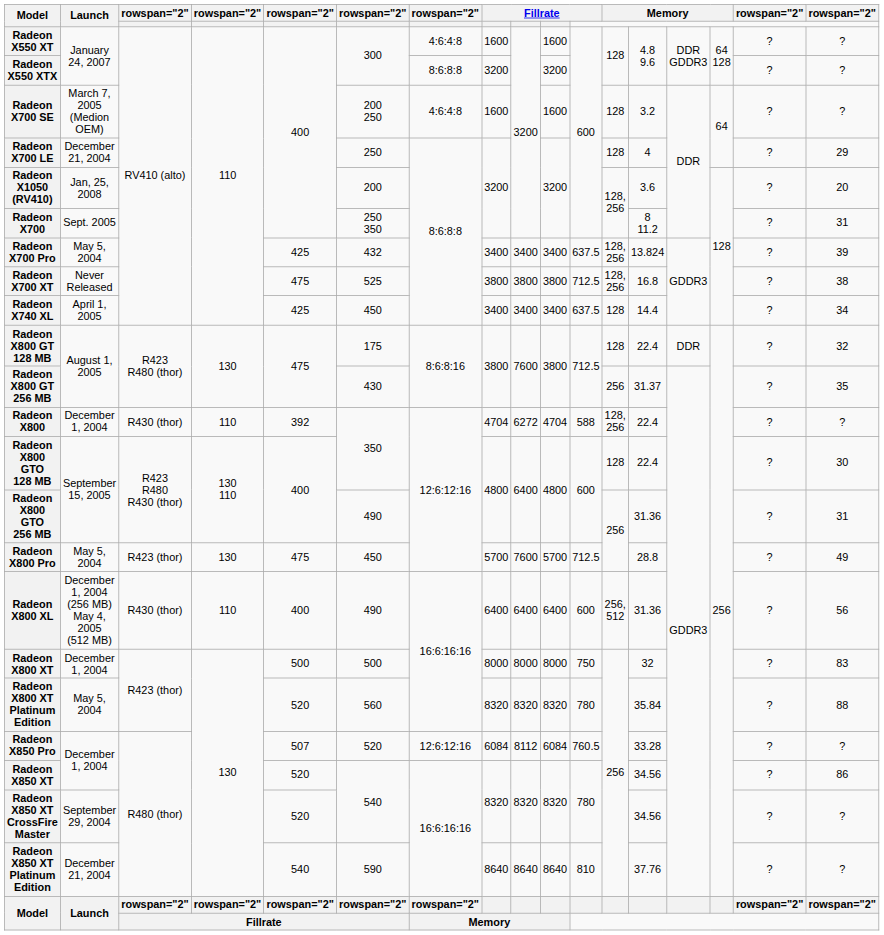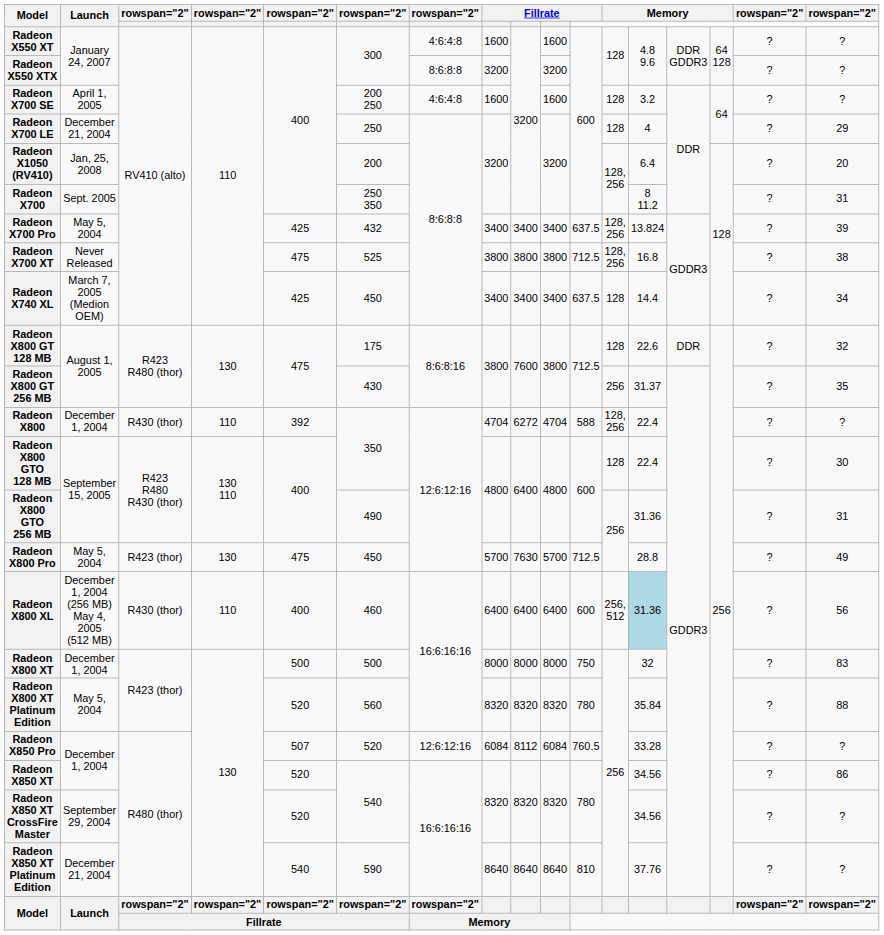 <table class="mw-datatable wikitable sortable" style="font-size:85%; text-align:center;">
 <tr>
 <th rowspan="2">Model</th>
 <th rowspan="2">Launch</th>
 <th>rowspan="2" </th>
 <th>rowspan="2" </th>
 <th>rowspan="2" </th>
 <th>rowspan="2" </th>
 <th>rowspan="2" </th>
 <th colspan="4"><a href='#'>Fillrate</a></th>
 <th colspan="4">Memory</th>
 <th>rowspan="2" </th>
 <th>rowspan="2" </th>
 </tr>
 <tr>
 <th></th>
 <th></th>
 <th></th>
 <th></th>
 <th></th>
 <th></th>
 <th></th>
 <th></th>
 </tr>
 <tr>
 <th>Radeon X550 XT</th>
 <td rowspan="2">January 24, 2007</td>
 <td rowspan="9">RV410 (alto)</td>
 <td rowspan="9">110</td>
 <td rowspan="6">400</td>
 <td rowspan="2">300</td>
 <td>4:6:4:8</td>
 <td>1600</td>
 <td rowspan="6">3200</td>
 <td>1600</td>
 <td rowspan="6">600</td>
 <td rowspan="2">128</td>
 <td rowspan="2">4.8<br>9.6</td>
 <td rowspan="2">DDR<br>GDDR3</td>
 <td rowspan="2">64<br>128</td>
 <td>?</td>
 <td>?</td>
 </tr>
 <tr>
 <th>Radeon X550 XTX</th>
 <td>8:6:8:8</td>
 <td>3200</td>
 <td>3200</td>
 <td>?</td>
 <td>?</td>
 </tr>
 <tr>
 <th>Radeon X700 SE</th>
-<td>March 7, 2005 (Medion OEM)</td>
+<td>April 1, 2005</td>
 <td>200<br>250</td>
 <td>4:6:4:8</td>
 <td>1600</td>
 <td>1600</td>
 <td>128</td>
 <td>3.2</td>
 <td rowspan="4">DDR</td>
 <td rowspan="2">64</td>
 <td>?</td>
 <td>?</td>
 </tr>
 <tr>
 <th>Radeon X700 LE</th>
 <td>December 21, 2004</td>
 <td>250</td>
 <td rowspan="6">8:6:8:8</td>
 <td rowspan="3">3200</td>
 <td rowspan="3">3200</td>
 <td>128</td>
 <td>4</td>
 <td>?</td>
 <td>29</td>
 </tr>
 <tr>
 <th>Radeon X1050 (RV410)</th>
 <td>Jan, 25, 2008</td>
 <td>200</td>
 <td rowspan="2">128, 256</td>
-<td>3.6</td>
+<td>6.4</td>
 <td rowspan="5">128</td>
 <td>?</td>
 <td>20</td>
 </tr>
 <tr>
 <th>Radeon X700</th>
 <td>Sept. 2005</td>
 <td>250<br>350</td>
 <td>8<br>11.2</td>
 <td>?</td>
 <td>31</td>
 </tr>
 <tr>
 <th>Radeon X700 Pro</th>
 <td>May 5, 2004</td>
 <td>425</td>
 <td>432</td>
 <td>3400</td>
 <td>3400</td>
 <td>3400</td>
 <td>637.5</td>
 <td>128, 256</td>
 <td>13.824</td>
 <td rowspan="3">GDDR3</td>
 <td>?</td>
 <td>39</td>
 </tr>
 <tr>
 <th>Radeon X700 XT</th>
 <td>Never Released</td>
 <td>475</td>
 <td>525</td>
 <td>3800</td>
 <td>3800</td>
 <td>3800</td>
 <td>712.5</td>
 <td>128, 256</td>
 <td>16.8</td>
 <td>?</td>
 <td>38</td>
 </tr>
 <tr>
 <th>Radeon X740 XL</th>
-<td>April 1, 2005</td>
+<td>March 7, 2005 (Medion OEM)</td>
 <td>425</td>
 <td>450</td>
 <td>3400</td>
 <td>3400</td>
 <td>3400</td>
 <td>637.5</td>
 <td>128</td>
 <td>14.4</td>
 <td>?</td>
 <td>34</td>
 </tr>
 <tr>
 <th>Radeon X800 GT 128 MB</th>
 <td rowspan="2">August 1, 2005</td>
 <td rowspan="2">R423<br>R480 (thor)</td>
 <td rowspan="2">130</td>
 <td rowspan="2">475</td>
 <td>175</td>
 <td rowspan="2">8:6:8:16</td>
 <td rowspan="2">3800</td>
 <td rowspan="2">7600</td>
 <td rowspan="2">3800</td>
 <td rowspan="2">712.5</td>
 <td>128</td>
-<td>22.4</td>
+<td>22.6</td>
 <td>DDR</td>
 <td rowspan="13">256</td>
 <td>?</td>
 <td>32</td>
 </tr>
 <tr>
 <th>Radeon X800 GT 256 MB</th>
 <td>430</td>
 <td>256</td>
 <td>31.37</td>
 <td rowspan="12">GDDR3</td>
 <td>?</td>
 <td>35</td>
 </tr>
 <tr>
 <th>Radeon X800</th>
 <td>December 1, 2004</td>
 <td>R430 (thor)</td>
 <td>110</td>
 <td>392</td>
 <td rowspan="2">350</td>
 <td rowspan="4">12:6:12:16</td>
 <td>4704</td>
 <td>6272</td>
 <td>4704</td>
 <td>588</td>
 <td>128, 256</td>
 <td>22.4</td>
 <td>?</td>
 <td>?</td>
 </tr>
 <tr>
 <th>Radeon X800 GTO 128 MB</th>
 <td rowspan="2">September 15, 2005</td>
 <td rowspan="2">R423<br>R480<br>R430 (thor)</td>
 <td rowspan="2">130<br>110</td>
 <td rowspan="2">400</td>
 <td rowspan="2">4800</td>
 <td rowspan="2">6400</td>
 <td rowspan="2">4800</td>
 <td rowspan="2">600</td>
 <td>128</td>
 <td>22.4</td>
 <td>?</td>
 <td>30</td>
 </tr>
 <tr>
 <th>Radeon X800 GTO 256 MB</th>
 <td>490</td>
 <td rowspan="2">256</td>
 <td>31.36</td>
 <td>?</td>
 <td>31</td>
 </tr>
 <tr>
 <th>Radeon X800 Pro</th>
 <td>May 5, 2004</td>
 <td>R423 (thor)</td>
 <td>130</td>
 <td>475</td>
 <td>450</td>
 <td>5700</td>
-<td>7600</td>
+<td>7630</td>
 <td>5700</td>
 <td>712.5</td>
 <td>28.8</td>
 <td>?</td>
 <td>49</td>
 </tr>
 <tr>
 <th>Radeon X800 XL</th>
 <td>December 1, 2004 (256 MB)<br>May 4, 2005 (512 MB)</td>
 <td>R430 (thor)</td>
 <td>110</td>
 <td>400</td>
-<td>490</td>
+<td>460</td>
 <td rowspan="3">16:6:16:16</td>
 <td>6400</td>
 <td>6400</td>
 <td>6400</td>
 <td>600</td>
 <td>256, 512</td>
-<td>31.36</td>
+<td style="background: lightblue;">31.36</td>
 <td>?</td>
 <td>56</td>
 </tr>
 <tr>
 <th>Radeon X800 XT</th>
 <td>December 1, 2004</td>
 <td rowspan="2">R423 (thor)</td>
 <td rowspan="6">130</td>
 <td>500</td>
 <td>500</td>
 <td>8000</td>
 <td>8000</td>
 <td>8000</td>
 <td>750</td>
 <td rowspan="6">256</td>
 <td>32</td>
 <td>?</td>
 <td>83</td>
 </tr>
 <tr>
 <th>Radeon X800 XT Platinum Edition</th>
 <td>May 5, 2004</td>
 <td>520</td>
 <td>560</td>
 <td>8320</td>
 <td>8320</td>
 <td>8320</td>
 <td>780</td>
 <td>35.84</td>
 <td>?</td>
 <td>88</td>
 </tr>
 <tr>
 <th>Radeon X850 Pro</th>
 <td rowspan="2">December 1, 2004</td>
 <td rowspan="4">R480 (thor)</td>
 <td>507</td>
 <td>520</td>
 <td>12:6:12:16</td>
 <td>6084</td>
 <td>8112</td>
 <td>6084</td>
 <td>760.5</td>
 <td>33.28</td>
 <td>?</td>
 <td>?</td>
 </tr>
 <tr>
 <th>Radeon X850 XT</th>
 <td>520</td>
 <td rowspan="2">540</td>
 <td rowspan="3">16:6:16:16</td>
 <td rowspan="2">8320</td>
 <td rowspan="2">8320</td>
 <td rowspan="2">8320</td>
 <td rowspan="2">780</td>
 <td>34.56</td>
 <td>?</td>
 <td>86</td>
 </tr>
 <tr>
 <th>Radeon X850 XT CrossFire Master</th>
 <td>September 29, 2004</td>
 <td>520</td>
 <td>34.56</td>
 <td>?</td>
 <td>?</td>
 </tr>
 <tr>
 <th>Radeon X850 XT Platinum Edition</th>
 <td>December 21, 2004</td>
 <td>540</td>
 <td>590</td>
 <td>8640</td>
 <td>8640</td>
 <td>8640</td>
 <td>810</td>
 <td>37.76</td>
 <td>?</td>
 <td>?</td>
 </tr>
 <tr>
 <th rowspan="2">Model</th>
 <th rowspan="2">Launch</th>
 <th>rowspan="2" </th>
 <th>rowspan="2" </th>
 <th>rowspan="2" </th>
 <th>rowspan="2" </th>
 <th>rowspan="2" </th>
 <th></th>
 <th></th>
 <th></th>
 <th></th>
 <th></th>
 <th></th>
 <th></th>
 <th></th>
 <th>rowspan="2" </th>
 <th>rowspan="2" </th>
 </tr>
 <tr>
 <th colspan="4">Fillrate</th>
 <th colspan="4">Memory</th>
 </tr>
 </table>
